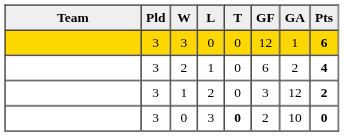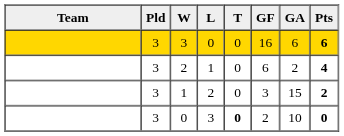 <table border=1 cellpadding=5 cellspacing=0>
 <tr>
 <th bgcolor="#efefef" width="150">Team</th>
 <th bgcolor="#efefef" width="20">Pld</th>
 <th bgcolor="#efefef" width="20">W</th>
 <th bgcolor="#efefef" width="20">L</th>
 <th bgcolor="#efefef" width="20">T</th>
 <th bgcolor="#efefef" width="20">GF</th>
 <th bgcolor="#efefef" width="20">GA</th>
 <th bgcolor="#efefef" width="20">Pts</th>
 </tr>
 <tr align=center bgcolor="gold">
 <td align=left> </td>
 <td>3</td>
 <td>3</td>
 <td>0</td>
 <td>0</td>
-<td>12</td>
-<td>1</td>
+<td>16</td>
+<td>6</td>
 <td><strong>6</strong></td>
 </tr>
 <tr align=center>
 <td align=left></td>
 <td>3</td>
 <td>2</td>
 <td>1</td>
 <td>0</td>
 <td>6</td>
 <td>2</td>
 <td><strong>4</strong></td>
 </tr>
 <tr align=center>
 <td align=left></td>
 <td>3</td>
 <td>1</td>
 <td>2</td>
 <td>0</td>
 <td>3</td>
-<td>12</td>
+<td>15</td>
 <td><strong>2</strong></td>
 </tr>
 <tr align=center>
 <td align=left></td>
 <td>3</td>
 <td>0</td>
 <td>3</td>
 <td><strong>0</strong></td>
 <td>2</td>
 <td>10</td>
 <td><strong>0</strong></td>
 </tr>
 </table>
